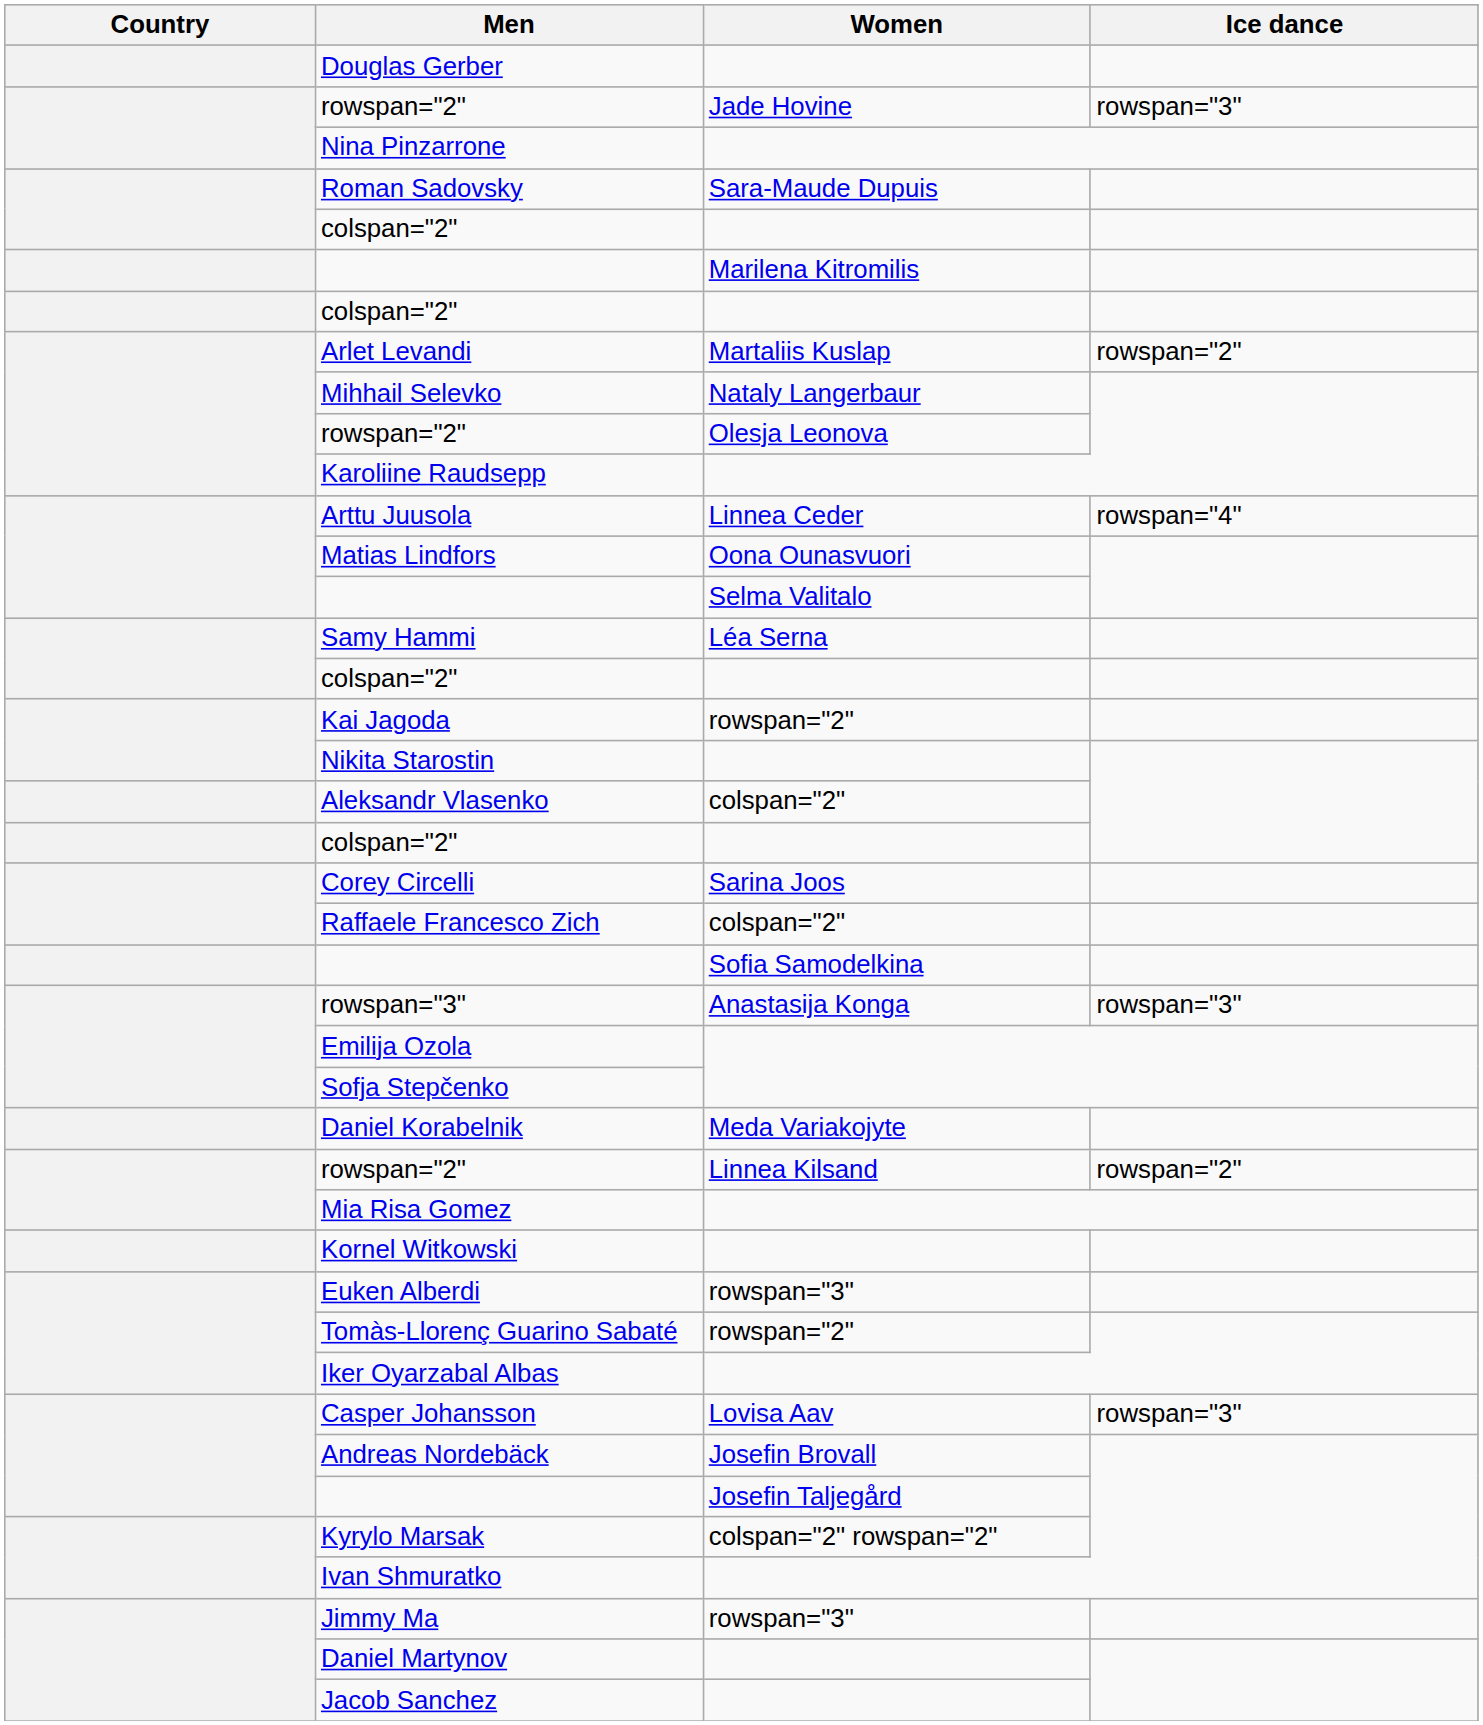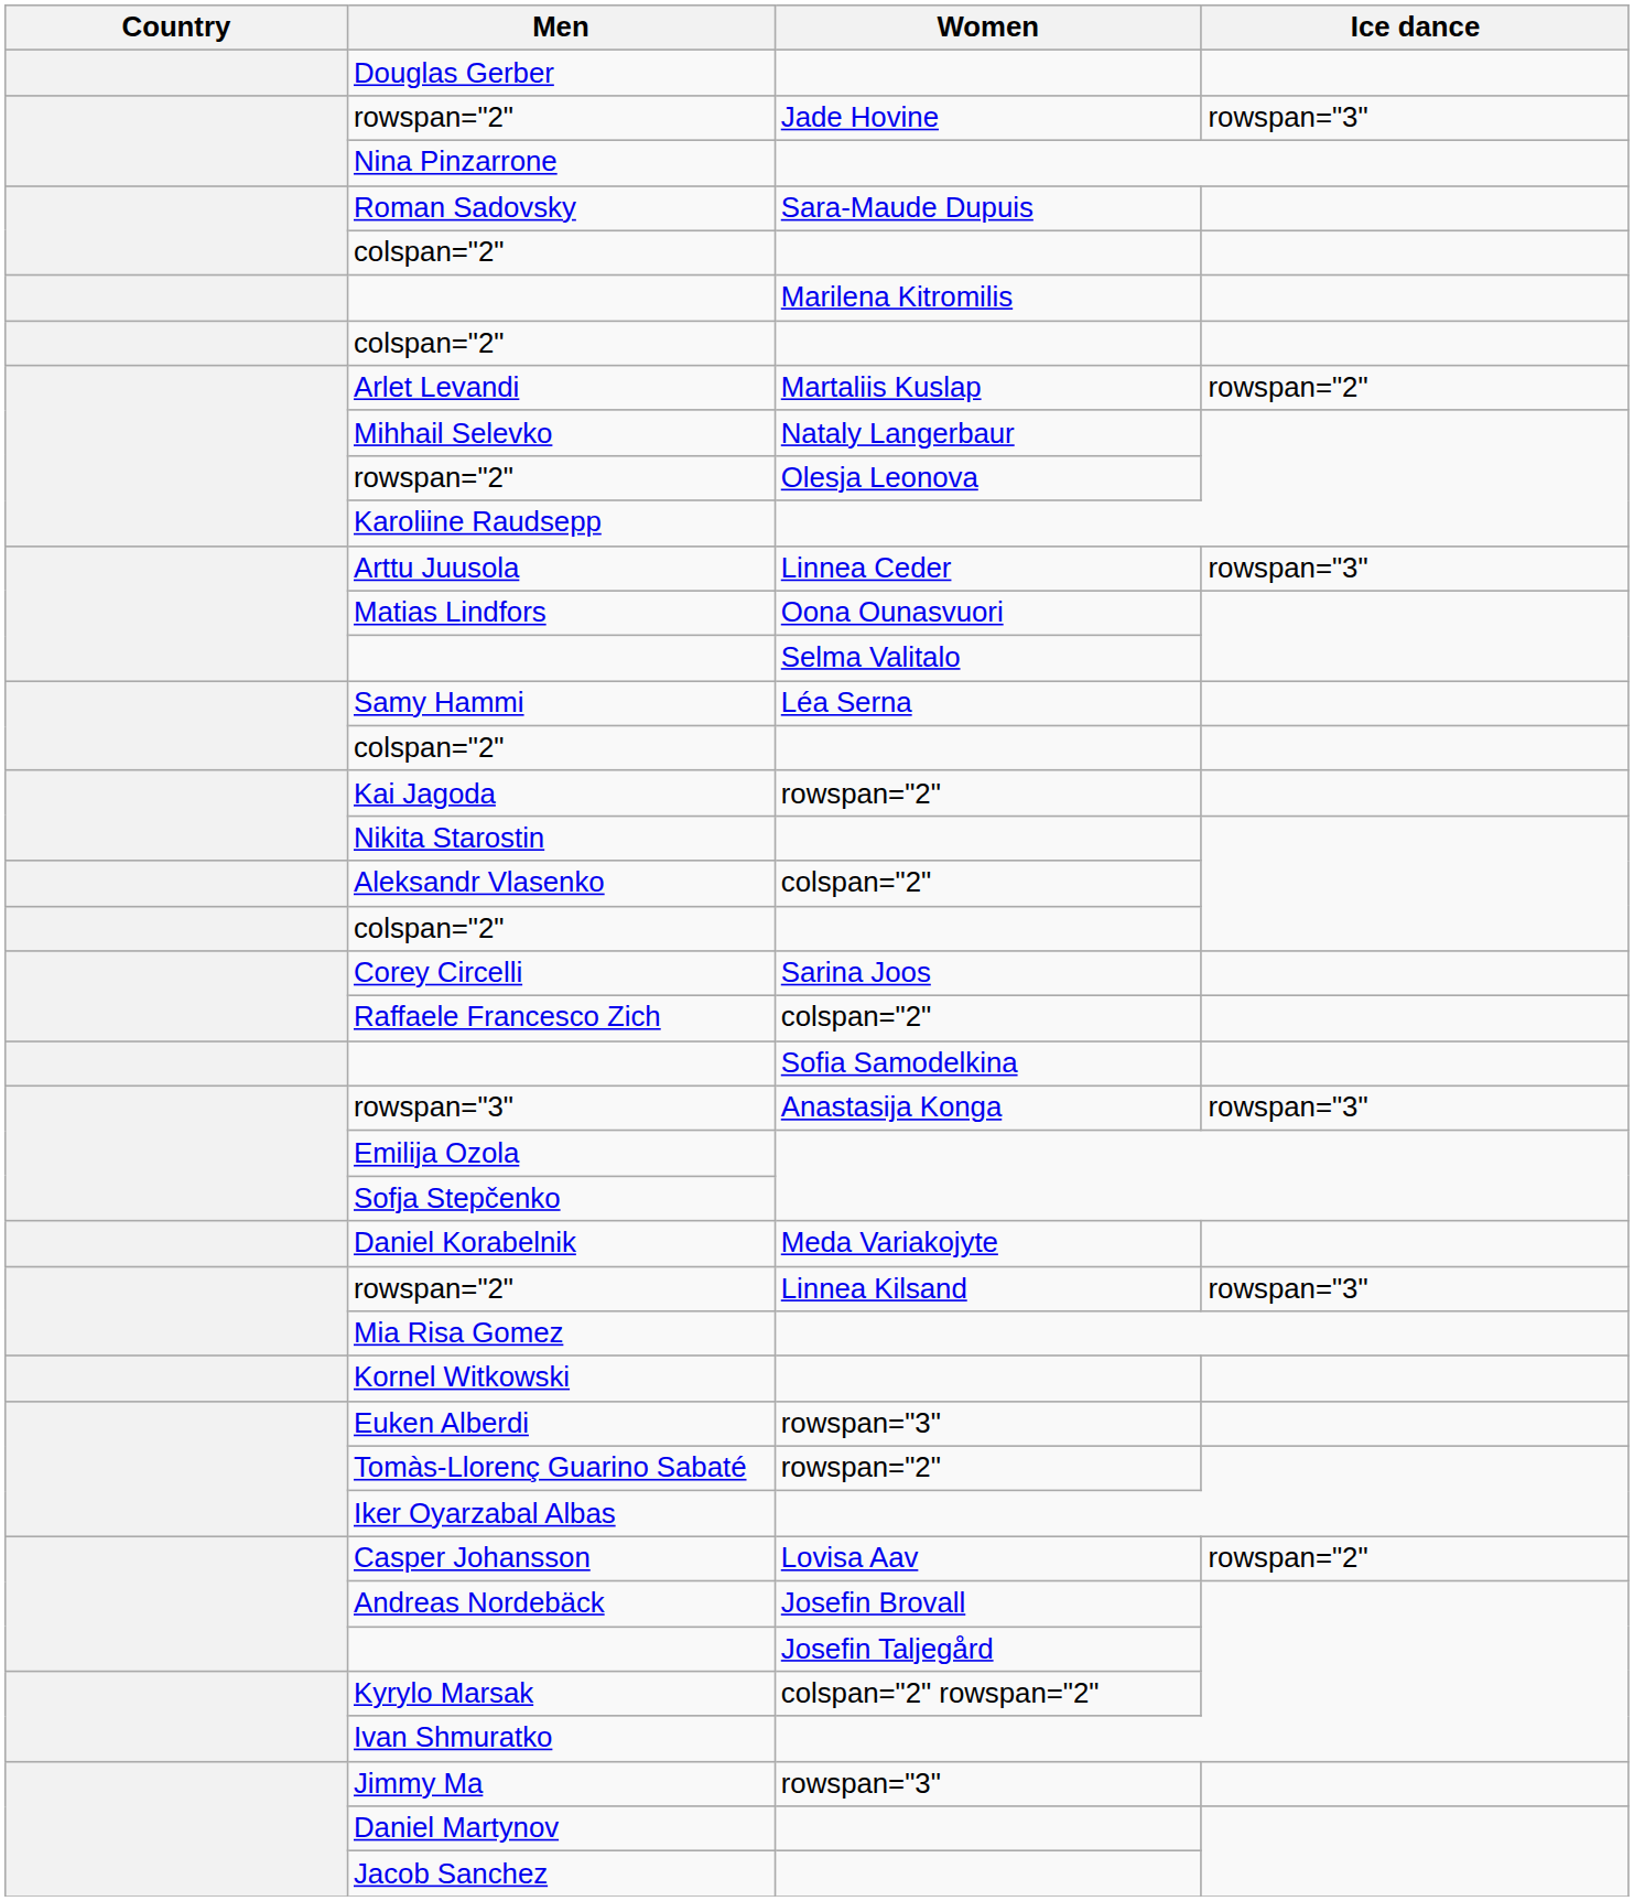 <table class="wikitable unsortable" style="text-align:left">
 <tr>
 <th scope="col" style="width:20%">Country</th>
 <th scope="col" style="width:25%">Men</th>
 <th scope="col" style="width:25%">Women</th>
 <th scope="col" style="width:25%">Ice dance</th>
 </tr>
 <tr>
 <th scope="row" style="text-align:left"></th>
 <td><a href='#'>Douglas Gerber</a></td>
 <td></td>
 <td></td>
 </tr>
 <tr>
 <th scope="row" style="text-align:left" rowspan="2"></th>
 <td>rowspan="2" </td>
 <td><a href='#'>Jade Hovine</a></td>
 <td>rowspan="3" </td>
 </tr>
 <tr>
 <td><a href='#'>Nina Pinzarrone</a></td>
 </tr>
 <tr>
 <th rowspan="2" scope="row" style="text-align:left"></th>
 <td><a href='#'>Roman Sadovsky</a></td>
 <td><a href='#'>Sara-Maude Dupuis</a></td>
 <td></td>
 </tr>
 <tr>
 <td>colspan="2" </td>
 <td></td>
 </tr>
 <tr>
 <th scope="row" style="text-align:left"></th>
 <td></td>
 <td><a href='#'>Marilena Kitromilis</a></td>
 <td></td>
 </tr>
 <tr>
 <th scope="row" style="text-align:left"></th>
 <td>colspan="2" </td>
 <td></td>
 </tr>
 <tr>
 <th rowspan="4" scope="row" style="text-align:left"></th>
 <td><a href='#'>Arlet Levandi</a></td>
 <td><a href='#'>Martaliis Kuslap</a></td>
 <td>rowspan="2" </td>
 </tr>
 <tr>
 <td><a href='#'>Mihhail Selevko</a></td>
 <td><a href='#'>Nataly Langerbaur</a></td>
 </tr>
 <tr>
 <td>rowspan="2" </td>
 <td><a href='#'>Olesja Leonova</a></td>
 </tr>
 <tr>
 <td><a href='#'>Karoliine Raudsepp</a></td>
 </tr>
 <tr>
 <th rowspan="3" scope="row" style="text-align:left"></th>
 <td><a href='#'>Arttu Juusola</a></td>
 <td><a href='#'>Linnea Ceder</a></td>
-<td>rowspan="4" </td>
+<td>rowspan="3" </td>
 </tr>
 <tr>
 <td><a href='#'>Matias Lindfors</a></td>
 <td><a href='#'>Oona Ounasvuori</a></td>
 </tr>
 <tr>
 <td></td>
 <td><a href='#'>Selma Valitalo</a></td>
 </tr>
 <tr>
 <th rowspan="2" scope="row" style="text-align:left"></th>
 <td><a href='#'>Samy Hammi</a></td>
 <td><a href='#'>Léa Serna</a></td>
 <td></td>
 </tr>
 <tr>
 <td>colspan="2" </td>
 <td></td>
 </tr>
 <tr>
 <th rowspan="2" scope="row" style="text-align:left"></th>
 <td><a href='#'>Kai Jagoda</a></td>
 <td>rowspan="2" </td>
 <td></td>
 </tr>
 <tr>
 <td><a href='#'>Nikita Starostin</a></td>
 <td></td>
 </tr>
 <tr>
 <th scope="row" style="text-align:left"></th>
 <td><a href='#'>Aleksandr Vlasenko</a></td>
 <td>colspan="2" </td>
 </tr>
 <tr>
 <th scope="row" style="text-align:left"></th>
 <td>colspan="2" </td>
 <td></td>
 </tr>
 <tr>
 <th rowspan="2" scope="row" style="text-align:left"></th>
 <td><a href='#'>Corey Circelli</a></td>
 <td><a href='#'>Sarina Joos</a></td>
 <td></td>
 </tr>
 <tr>
 <td><a href='#'>Raffaele Francesco Zich</a></td>
 <td>colspan="2" </td>
 </tr>
 <tr>
 <th scope="row" style="text-align:left"></th>
 <td></td>
 <td><a href='#'>Sofia Samodelkina</a></td>
 <td></td>
 </tr>
 <tr>
 <th rowspan="3" scope="row" style="text-align:left"></th>
 <td>rowspan="3" </td>
 <td><a href='#'>Anastasija Konga</a></td>
 <td>rowspan="3" </td>
 </tr>
 <tr>
 <td><a href='#'>Emilija Ozola</a></td>
 </tr>
 <tr>
 <td><a href='#'>Sofja Stepčenko</a></td>
 </tr>
 <tr>
 <th scope="row" style="text-align:left"></th>
 <td><a href='#'>Daniel Korabelnik</a></td>
 <td><a href='#'>Meda Variakojyte</a></td>
 <td></td>
 </tr>
 <tr>
 <th rowspan="2" scope="row" style="text-align:left"></th>
 <td>rowspan="2" </td>
 <td><a href='#'>Linnea Kilsand</a></td>
-<td>rowspan="2" </td>
+<td>rowspan="3" </td>
 </tr>
 <tr>
 <td><a href='#'>Mia Risa Gomez</a></td>
 </tr>
 <tr>
 <th scope="row" style="text-align:left"></th>
 <td><a href='#'>Kornel Witkowski</a></td>
 <td></td>
 <td></td>
 </tr>
 <tr>
 <th rowspan="3" scope="row" style="text-align:left"></th>
 <td><a href='#'>Euken Alberdi</a></td>
 <td>rowspan="3" </td>
 <td></td>
 </tr>
 <tr>
 <td><a href='#'>Tomàs-Llorenç Guarino Sabaté</a></td>
 <td>rowspan="2" </td>
 </tr>
 <tr>
 <td><a href='#'>Iker Oyarzabal Albas</a></td>
 </tr>
 <tr>
 <th rowspan="3" scope="row" style="text-align:left"></th>
 <td><a href='#'>Casper Johansson</a></td>
 <td><a href='#'>Lovisa Aav</a></td>
-<td>rowspan="3" </td>
+<td>rowspan="2" </td>
 </tr>
 <tr>
 <td><a href='#'>Andreas Nordebäck</a></td>
 <td><a href='#'>Josefin Brovall</a></td>
 </tr>
 <tr>
 <td></td>
 <td><a href='#'>Josefin Taljegård</a></td>
 </tr>
 <tr>
 <th rowspan="2" scope="row" style="text-align:left"></th>
 <td><a href='#'>Kyrylo Marsak</a></td>
 <td>colspan="2" rowspan="2" </td>
 </tr>
 <tr>
 <td><a href='#'>Ivan Shmuratko</a></td>
 </tr>
 <tr>
 <th rowspan="3" scope="row" style="text-align:left"></th>
 <td><a href='#'>Jimmy Ma</a></td>
 <td>rowspan="3" </td>
 <td></td>
 </tr>
 <tr>
 <td><a href='#'>Daniel Martynov</a></td>
 <td></td>
 </tr>
 <tr>
 <td><a href='#'>Jacob Sanchez</a></td>
 <td></td>
 </tr>
 </table>
